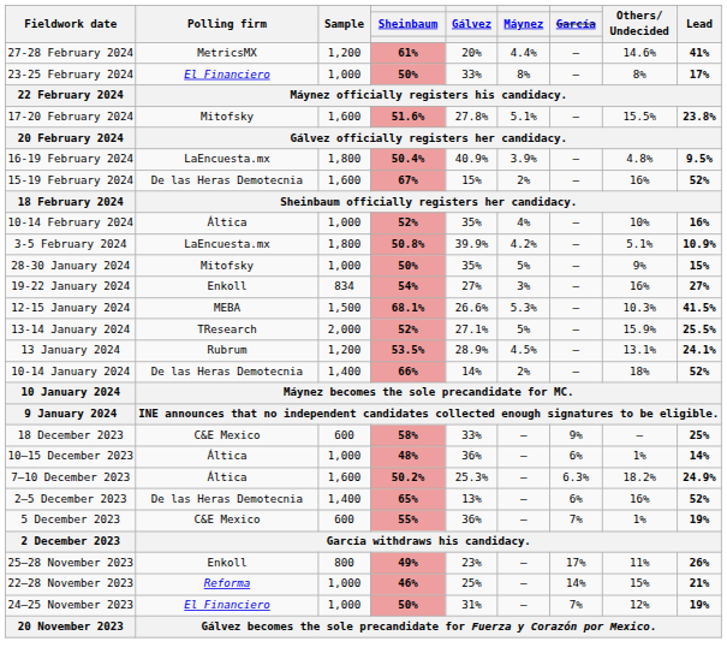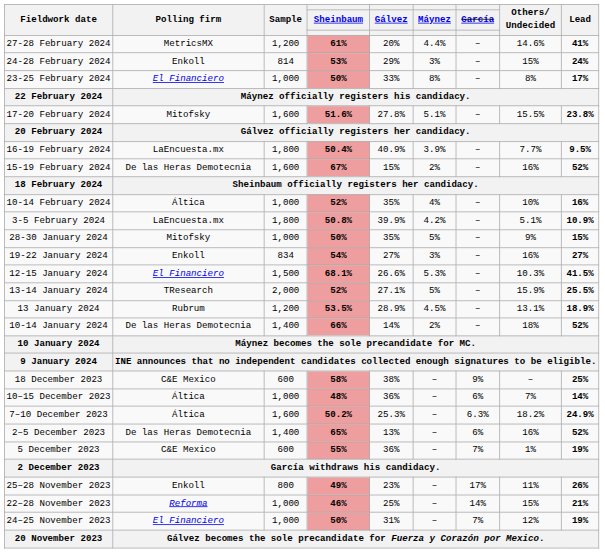 <table class="wikitable sortable" style="text-align:center;font-size:90%;line-height:17px">
 <tr>
 <th rowspan="3" class="unsortable">Fieldwork date</th>
 <th rowspan="3" class="unsortable">Polling firm</th>
 <th rowspan="3" class="unsortable">Sample</th>
 <th></th>
 <th></th>
 <th></th>
 <th></th>
 <th rowspan="3" class="unsortable">Others/<br>Undecided</th>
 <th rowspan="3">Lead</th>
 </tr>
 <tr>
 <th><a href='#'>Sheinbaum</a><br></th>
 <th><a href='#'>Gálvez</a><br></th>
 <th><a href='#'>Máynez</a><br></th>
 <th><s><a href='#'>García</a></s><br></th>
 </tr>
 <tr>
 <th style="background:"></th>
 <th style="background:"></th>
 <th style="background:"></th>
 <th style="background:"></th>
 </tr>
 <tr>
 <td>27-28 February 2024</td>
 <td>MetricsMX</td>
 <td>1,200</td>
 <td bgcolor="#ee9e9e"><strong>61%</strong></td>
 <td>20%</td>
 <td>4.4%</td>
 <td>–</td>
 <td>14.6%</td>
 <td style="background:"><span><strong>41%</strong></span></td>
+</tr>
+<tr>
+<td>24-28 February 2024</td>
+<td>Enkoll</td>
+<td>814</td>
+<td bgcolor="#ee9e9e"><strong>53%</strong></td>
+<td>29%</td>
+<td>3%</td>
+<td>–</td>
+<td>15%</td>
+<td style="background:"><span><strong>24%</strong></span></td>
 </tr>
 <tr>
 <td>23-25 February 2024</td>
 <td><em><a href='#'>El Financiero</a></em></td>
 <td>1,000</td>
 <td bgcolor="#ee9e9e"><strong>50%</strong></td>
 <td>33%</td>
 <td>8%</td>
 <td>–</td>
 <td>8%</td>
 <td style="background:"><span><strong>17%</strong></span></td>
 </tr>
 <tr>
 <th>22 February 2024</th>
 <th colspan="8">Máynez officially registers his candidacy.</th>
 </tr>
 <tr>
 <td>17-20 February 2024</td>
 <td>Mitofsky</td>
 <td>1,600</td>
 <td bgcolor="#ee9e9e"><strong>51.6%</strong></td>
 <td>27.8%</td>
 <td>5.1%</td>
 <td>–</td>
 <td>15.5%</td>
 <td style="background:"><span><strong>23.8%</strong></span></td>
 </tr>
 <tr>
 <th>20 February 2024</th>
 <th colspan="8">Gálvez officially registers her candidacy.</th>
 </tr>
 <tr>
 <td>16-19 February 2024</td>
 <td>LaEncuesta.mx</td>
 <td>1,800</td>
 <td bgcolor="#ee9e9e"><strong>50.4%</strong></td>
 <td>40.9%</td>
 <td>3.9%</td>
 <td>–</td>
-<td>4.8%</td>
+<td>7.7%</td>
 <td style="background:"><span><strong>9.5%</strong></span></td>
 </tr>
 <tr>
 <td>15-19 February 2024</td>
 <td>De las Heras Demotecnia</td>
 <td>1,600</td>
 <td bgcolor="#ee9e9e"><strong>67%</strong></td>
 <td>15%</td>
 <td>2%</td>
 <td>–</td>
 <td>16%</td>
 <td style="background:"><span><strong>52%</strong></span></td>
 </tr>
 <tr>
 <th>18 February 2024</th>
 <th colspan="8">Sheinbaum officially registers her candidacy.</th>
 </tr>
 <tr>
 <td>10-14 February 2024</td>
 <td>Áltica</td>
 <td>1,000</td>
 <td bgcolor="#ee9e9e"><strong>52%</strong></td>
 <td>35%</td>
 <td>4%</td>
 <td>–</td>
 <td>10%</td>
 <td style="background:"><span><strong>16%</strong></span></td>
 </tr>
 <tr>
 <td>3-5 February 2024</td>
 <td>LaEncuesta.mx</td>
 <td>1,800</td>
 <td bgcolor="#ee9e9e"><strong>50.8%</strong></td>
 <td>39.9%</td>
 <td>4.2%</td>
 <td>–</td>
 <td>5.1%</td>
 <td style="background:"><span><strong>10.9%</strong></span></td>
 </tr>
 <tr>
 <td>28-30 January 2024</td>
 <td>Mitofsky</td>
 <td>1,000</td>
 <td bgcolor="#ee9e9e"><strong>50%</strong></td>
 <td>35%</td>
 <td>5%</td>
 <td>–</td>
 <td>9%</td>
 <td style="background:"><span><strong>15%</strong></span></td>
 </tr>
 <tr>
 <td>19-22 January 2024</td>
 <td>Enkoll</td>
 <td>834</td>
 <td bgcolor="#ee9e9e"><strong>54%</strong></td>
 <td>27%</td>
 <td>3%</td>
 <td>–</td>
 <td>16%</td>
 <td style="background:"><span><strong>27%</strong></span></td>
 </tr>
 <tr>
 <td>12-15 January 2024</td>
-<td>MEBA</td>
+<td><em><a href='#'>El Financiero</a></em></td>
 <td>1,500</td>
 <td bgcolor="#ee9e9e"><strong>68.1%</strong></td>
 <td>26.6%</td>
 <td>5.3%</td>
 <td>–</td>
 <td>10.3%</td>
 <td style="background:"><span><strong>41.5%</strong></span></td>
 </tr>
 <tr>
 <td>13-14 January 2024</td>
 <td>TResearch</td>
 <td>2,000</td>
 <td bgcolor="#ee9e9e"><strong>52%</strong></td>
 <td>27.1%</td>
 <td>5%</td>
 <td>–</td>
 <td>15.9%</td>
 <td style="background:"><span><strong>25.5%</strong></span></td>
 </tr>
 <tr>
 <td>13 January 2024</td>
 <td>Rubrum</td>
 <td>1,200</td>
 <td bgcolor="#ee9e9e"><strong>53.5%</strong></td>
 <td>28.9%</td>
 <td>4.5%</td>
 <td>–</td>
 <td>13.1%</td>
-<td style="background:"><span><strong>24.1%</strong></span></td>
+<td style="background:"><span><strong>18.9%</strong></span></td>
 </tr>
 <tr>
 <td>10-14 January 2024</td>
 <td>De las Heras Demotecnia</td>
 <td>1,400</td>
 <td bgcolor="#ee9e9e"><strong>66%</strong></td>
 <td>14%</td>
 <td>2%</td>
 <td>–</td>
 <td>18%</td>
 <td style="background:"><span><strong>52%</strong></span></td>
 </tr>
 <tr>
 <th>10 January 2024</th>
 <th colspan="8">Máynez becomes the sole precandidate for MC.</th>
 </tr>
 <tr>
 <th>9 January 2024</th>
 <th colspan="8">INE announces that no independent candidates collected enough signatures to be eligible.</th>
 </tr>
 <tr>
 <td>18 December 2023</td>
 <td>C&E Mexico</td>
 <td>600</td>
 <td bgcolor="#ee9e9e"><strong>58%</strong></td>
-<td>33%</td>
+<td>38%</td>
 <td>–</td>
 <td>9%</td>
 <td>–</td>
 <td style="background:"><span><strong>25%</strong></span></td>
 </tr>
 <tr>
 <td>10–15 December 2023</td>
 <td>Áltica</td>
 <td>1,000</td>
 <td bgcolor="#ee9e9e"><strong>48%</strong></td>
 <td>36%</td>
 <td>–</td>
 <td>6%</td>
-<td>1%</td>
+<td>7%</td>
 <td style="background:"><span><strong>14%</strong></span></td>
 </tr>
 <tr>
 <td>7–10 December 2023</td>
 <td>Áltica</td>
 <td>1,600</td>
 <td bgcolor="#ee9e9e"><strong>50.2%</strong></td>
 <td>25.3%</td>
 <td>–</td>
 <td>6.3%</td>
 <td>18.2%</td>
 <td style="background:"><span><strong>24.9%</strong></span></td>
 </tr>
 <tr>
 <td>2–5 December 2023</td>
 <td>De las Heras Demotecnia</td>
 <td>1,400</td>
 <td bgcolor="#ee9e9e"><strong>65%</strong></td>
 <td>13%</td>
 <td>–</td>
 <td>6%</td>
 <td>16%</td>
 <td style="background:"><span><strong>52%</strong></span></td>
 </tr>
 <tr>
 <td>5 December 2023</td>
 <td>C&E Mexico </td>
 <td>600</td>
 <td bgcolor="#ee9e9e"><strong>55%</strong></td>
 <td>36%</td>
 <td>–</td>
 <td>7%</td>
 <td>1%</td>
 <td style="background:"><span><strong>19%</strong></span></td>
 </tr>
 <tr>
 <th>2 December 2023</th>
 <th colspan="8">García withdraws his candidacy.</th>
 </tr>
 <tr>
 <td>25–28 November 2023</td>
 <td>Enkoll</td>
 <td>800</td>
 <td bgcolor="#ee9e9e"><strong>49%</strong></td>
 <td>23%</td>
 <td>–</td>
 <td>17%</td>
 <td>11%</td>
 <td style="background:"><span><strong>26%</strong></span></td>
 </tr>
 <tr>
 <td>22–28 November 2023</td>
 <td><em><a href='#'>Reforma</a></em></td>
 <td>1,000</td>
 <td bgcolor="#ee9e9e"><strong>46%</strong></td>
 <td>25%</td>
 <td>–</td>
 <td>14%</td>
 <td>15%</td>
 <td style="background:"><span><strong>21%</strong></span></td>
 </tr>
 <tr>
 <td>24–25 November 2023</td>
 <td><em><a href='#'>El Financiero</a></em></td>
 <td>1,000</td>
 <td bgcolor="#ee9e9e"><strong>50%</strong></td>
 <td>31%</td>
 <td>–</td>
 <td>7%</td>
 <td>12%</td>
 <td style="background:"><span><strong>19%</strong></span></td>
 </tr>
 <tr>
 <th>20 November 2023</th>
 <th colspan="8">Gálvez becomes the sole precandidate for <em>Fuerza y Corazón por Mexico</em>.</th>
 </tr>
 </table>
